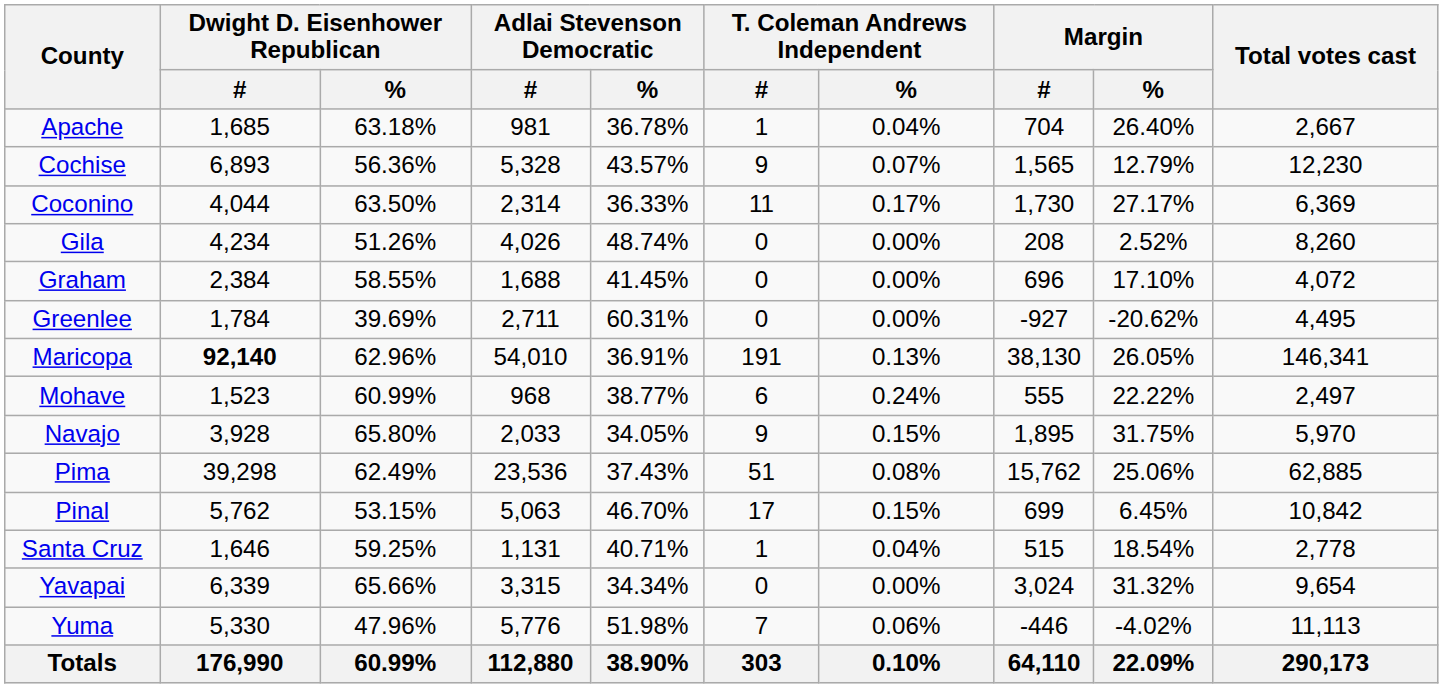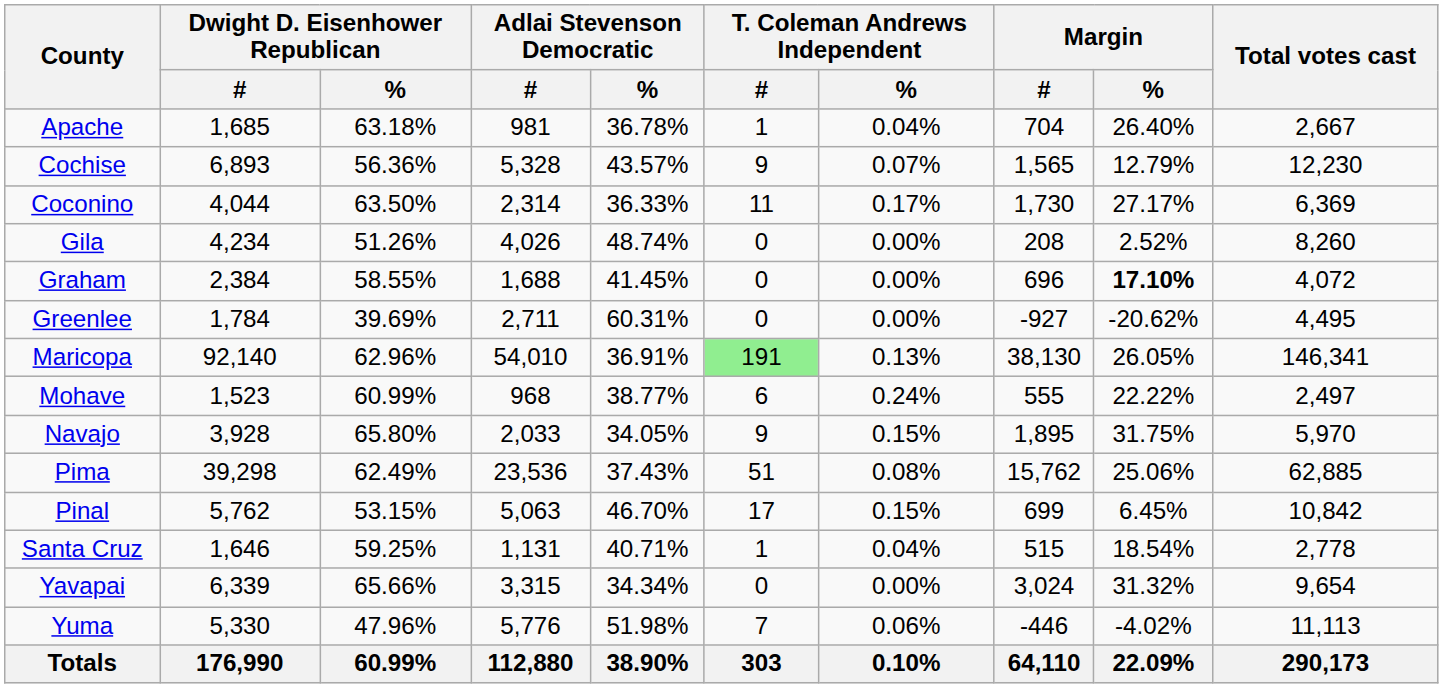 <table width="60%" class="wikitable sortable">
 <tr>
 <th rowspan="2">County</th>
 <th colspan="2">Dwight D. Eisenhower<br>Republican</th>
 <th colspan="2">Adlai Stevenson<br>Democratic</th>
 <th colspan="2">T. Coleman Andrews<br>Independent</th>
 <th colspan="2">Margin</th>
 <th rowspan="2">Total votes cast</th>
 </tr>
 <tr>
 <th data-sort-type="number">#</th>
 <th data-sort-type="number">%</th>
 <th data-sort-type="number">#</th>
 <th data-sort-type="number">%</th>
 <th data-sort-type="number">#</th>
 <th data-sort-type="number">%</th>
 <th data-sort-type="number">#</th>
 <th data-sort-type="number">%</th>
 </tr>
 <tr style="text-align:center;">
 <td><a href='#'>Apache</a></td>
 <td>1,685</td>
 <td>63.18%</td>
 <td>981</td>
 <td>36.78%</td>
 <td>1</td>
 <td>0.04%</td>
 <td>704</td>
 <td>26.40%</td>
 <td>2,667</td>
 </tr>
 <tr style="text-align:center;">
 <td><a href='#'>Cochise</a></td>
 <td>6,893</td>
 <td>56.36%</td>
 <td>5,328</td>
 <td>43.57%</td>
 <td>9</td>
 <td>0.07%</td>
 <td>1,565</td>
 <td>12.79%</td>
 <td>12,230</td>
 </tr>
 <tr style="text-align:center;">
 <td><a href='#'>Coconino</a></td>
 <td>4,044</td>
 <td>63.50%</td>
 <td>2,314</td>
 <td>36.33%</td>
 <td>11</td>
 <td>0.17%</td>
 <td>1,730</td>
 <td>27.17%</td>
 <td>6,369</td>
 </tr>
 <tr style="text-align:center;">
 <td><a href='#'>Gila</a></td>
 <td>4,234</td>
 <td>51.26%</td>
 <td>4,026</td>
 <td>48.74%</td>
 <td>0</td>
 <td>0.00%</td>
 <td>208</td>
 <td>2.52%</td>
 <td>8,260</td>
 </tr>
 <tr style="text-align:center;">
 <td><a href='#'>Graham</a></td>
 <td>2,384</td>
 <td>58.55%</td>
 <td>1,688</td>
 <td>41.45%</td>
 <td>0</td>
 <td>0.00%</td>
 <td>696</td>
-<td>17.10%</td>
+<td><strong>17.10%</strong></td>
 <td>4,072</td>
 </tr>
 <tr style="text-align:center;">
 <td><a href='#'>Greenlee</a></td>
 <td>1,784</td>
 <td>39.69%</td>
 <td>2,711</td>
 <td>60.31%</td>
 <td>0</td>
 <td>0.00%</td>
 <td>-927</td>
 <td>-20.62%</td>
 <td>4,495</td>
 </tr>
 <tr style="text-align:center;">
 <td><a href='#'>Maricopa</a></td>
-<td><strong>92,140</strong></td>
+<td>92,140</td>
 <td>62.96%</td>
 <td>54,010</td>
 <td>36.91%</td>
-<td>191</td>
+<td style="background: lightgreen;">191</td>
 <td>0.13%</td>
 <td>38,130</td>
 <td>26.05%</td>
 <td>146,341</td>
 </tr>
 <tr style="text-align:center;">
 <td><a href='#'>Mohave</a></td>
 <td>1,523</td>
 <td>60.99%</td>
 <td>968</td>
 <td>38.77%</td>
 <td>6</td>
 <td>0.24%</td>
 <td>555</td>
 <td>22.22%</td>
 <td>2,497</td>
 </tr>
 <tr style="text-align:center;">
 <td><a href='#'>Navajo</a></td>
 <td>3,928</td>
 <td>65.80%</td>
 <td>2,033</td>
 <td>34.05%</td>
 <td>9</td>
 <td>0.15%</td>
 <td>1,895</td>
 <td>31.75%</td>
 <td>5,970</td>
 </tr>
 <tr style="text-align:center;">
 <td><a href='#'>Pima</a></td>
 <td>39,298</td>
 <td>62.49%</td>
 <td>23,536</td>
 <td>37.43%</td>
 <td>51</td>
 <td>0.08%</td>
 <td>15,762</td>
 <td>25.06%</td>
 <td>62,885</td>
 </tr>
 <tr style="text-align:center;">
 <td><a href='#'>Pinal</a></td>
 <td>5,762</td>
 <td>53.15%</td>
 <td>5,063</td>
 <td>46.70%</td>
 <td>17</td>
 <td>0.15%</td>
 <td>699</td>
 <td>6.45%</td>
 <td>10,842</td>
 </tr>
 <tr style="text-align:center;">
 <td><a href='#'>Santa Cruz</a></td>
 <td>1,646</td>
 <td>59.25%</td>
 <td>1,131</td>
 <td>40.71%</td>
 <td>1</td>
 <td>0.04%</td>
 <td>515</td>
 <td>18.54%</td>
 <td>2,778</td>
 </tr>
 <tr style="text-align:center;">
 <td><a href='#'>Yavapai</a></td>
 <td>6,339</td>
 <td>65.66%</td>
 <td>3,315</td>
 <td>34.34%</td>
 <td>0</td>
 <td>0.00%</td>
 <td>3,024</td>
 <td>31.32%</td>
 <td>9,654</td>
 </tr>
 <tr style="text-align:center;">
 <td><a href='#'>Yuma</a></td>
 <td>5,330</td>
 <td>47.96%</td>
 <td>5,776</td>
 <td>51.98%</td>
 <td>7</td>
 <td>0.06%</td>
 <td>-446</td>
 <td>-4.02%</td>
 <td>11,113</td>
 </tr>
 <tr style="text-align:center;">
 <th>Totals</th>
 <th>176,990</th>
 <th>60.99%</th>
 <th>112,880</th>
 <th>38.90%</th>
 <th>303</th>
 <th>0.10%</th>
 <th>64,110</th>
 <th>22.09%</th>
 <th>290,173</th>
 </tr>
 </table>
